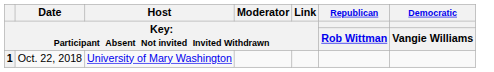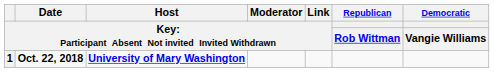 <table class="wikitable" style="text-align:center;">
 <tr>
 <th scope="col"></th>
 <th scope="col">Date</th>
 <th scope="col">Host</th>
 <th scope="col">Moderator</th>
 <th scope="col">Link</th>
 <th scope="col"><small><a href='#'>Republican</a></small></th>
 <th scope="col"><small><a href='#'>Democratic</a></small></th>
 </tr>
 <tr>
 <th colspan="5" rowspan="2">Key:<br> <small>Participant </small>  <small>Absent </small>  <small>Not invited </small>  <small>Invited  Withdrawn</small></th>
 <th scope="col" style="background:"></th>
 <th scope="col" style="background:"></th>
 </tr>
 <tr>
 <th scope="col"><a href='#'>Rob Wittman</a></th>
 <th scope="col">Vangie Williams</th>
 </tr>
 <tr>
 <th>1</th>
-<td style="white-space:nowrap;">Oct. 22, 2018</td>
-<td style="white-space:nowrap;"><a href='#'>University of Mary Washington</a></td>
+<td style="white-space:nowrap;"><strong>Oct. 22, 2018</strong></td>
+<td style="white-space:nowrap;"><strong><a href='#'>University of Mary Washington</a></strong></td>
 <td style="white-space:nowrap;"></td>
 <td style="white-space:nowrap;"></td>
 <td></td>
 <td></td>
 </tr>
 </table>
